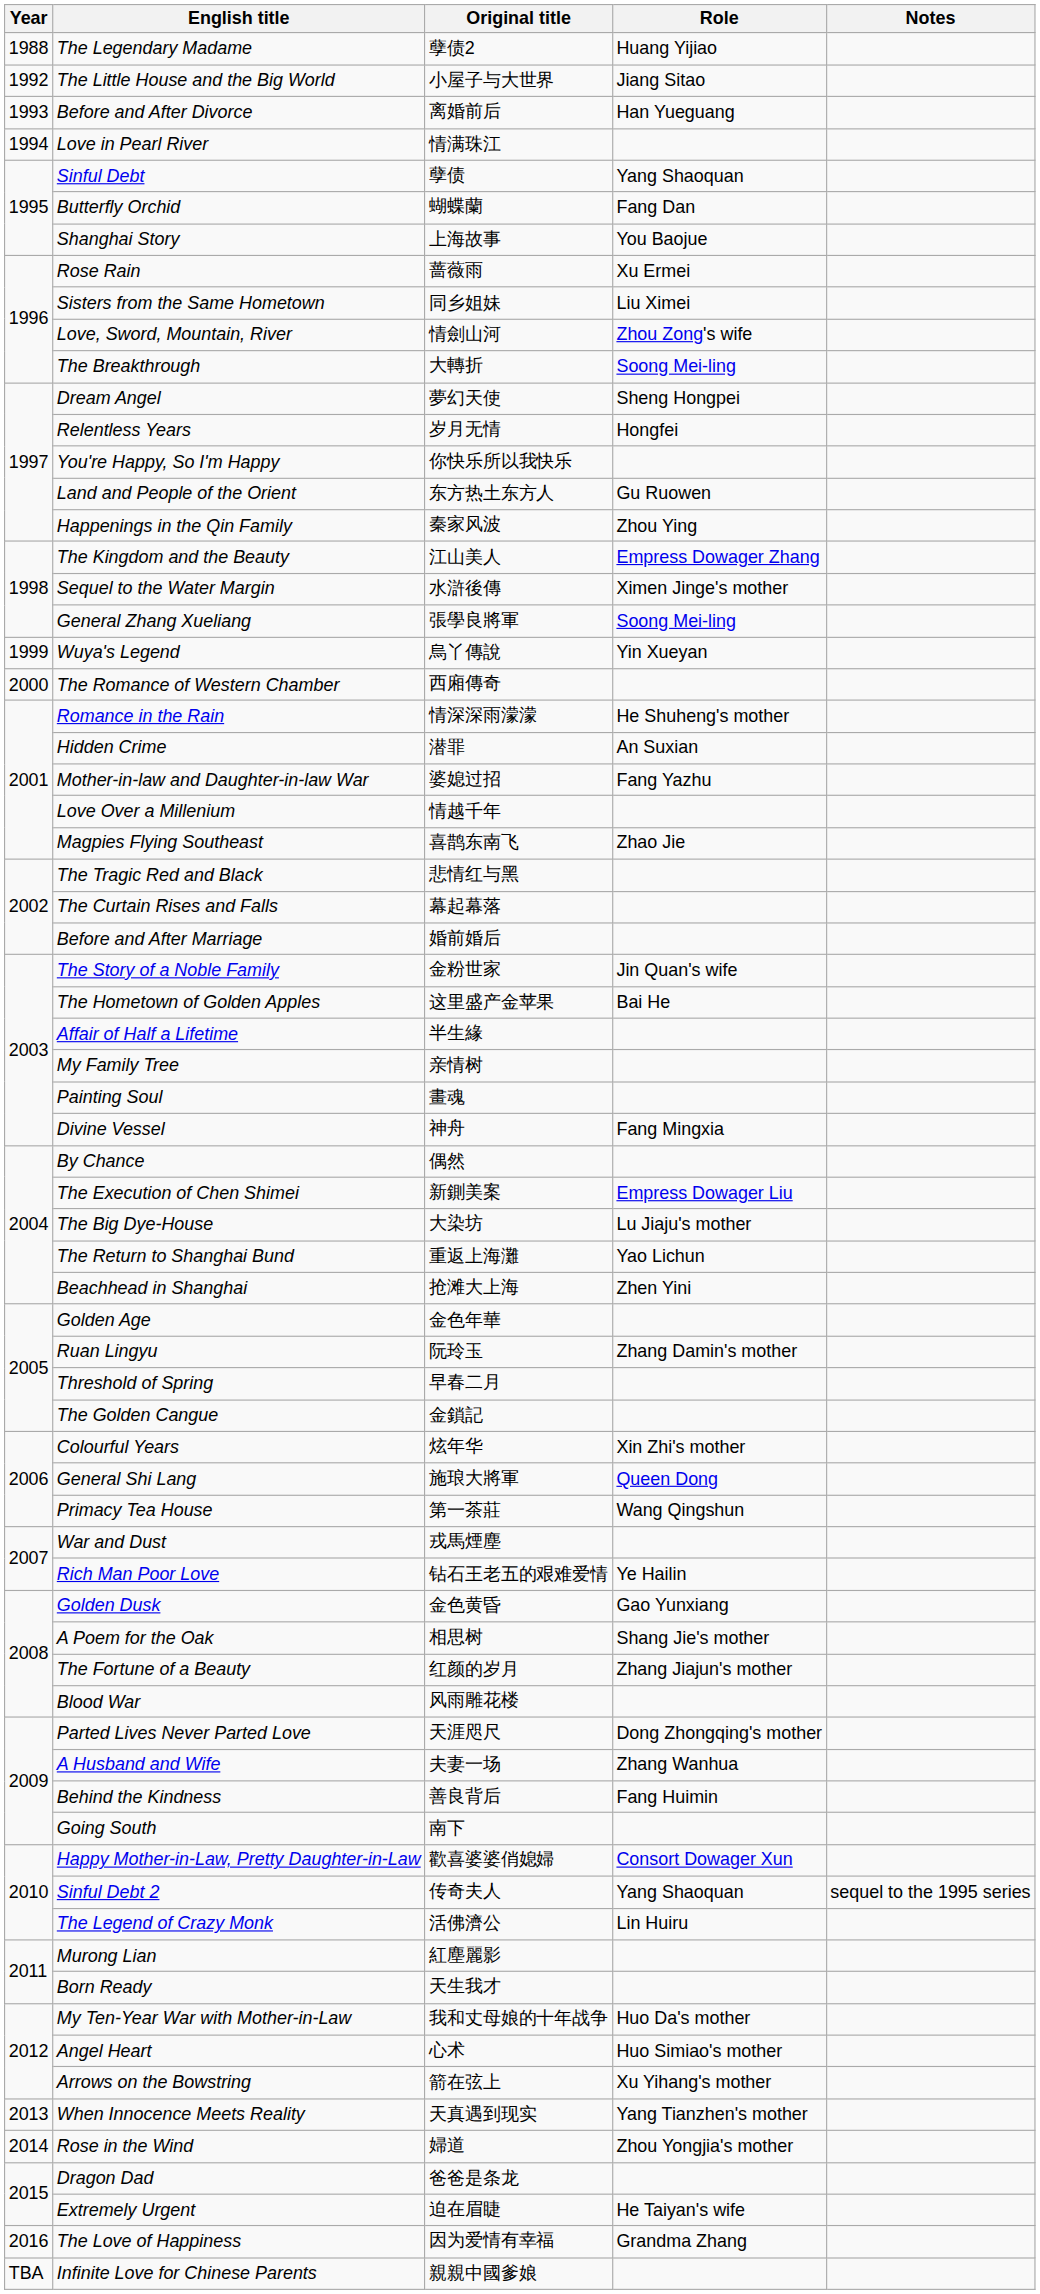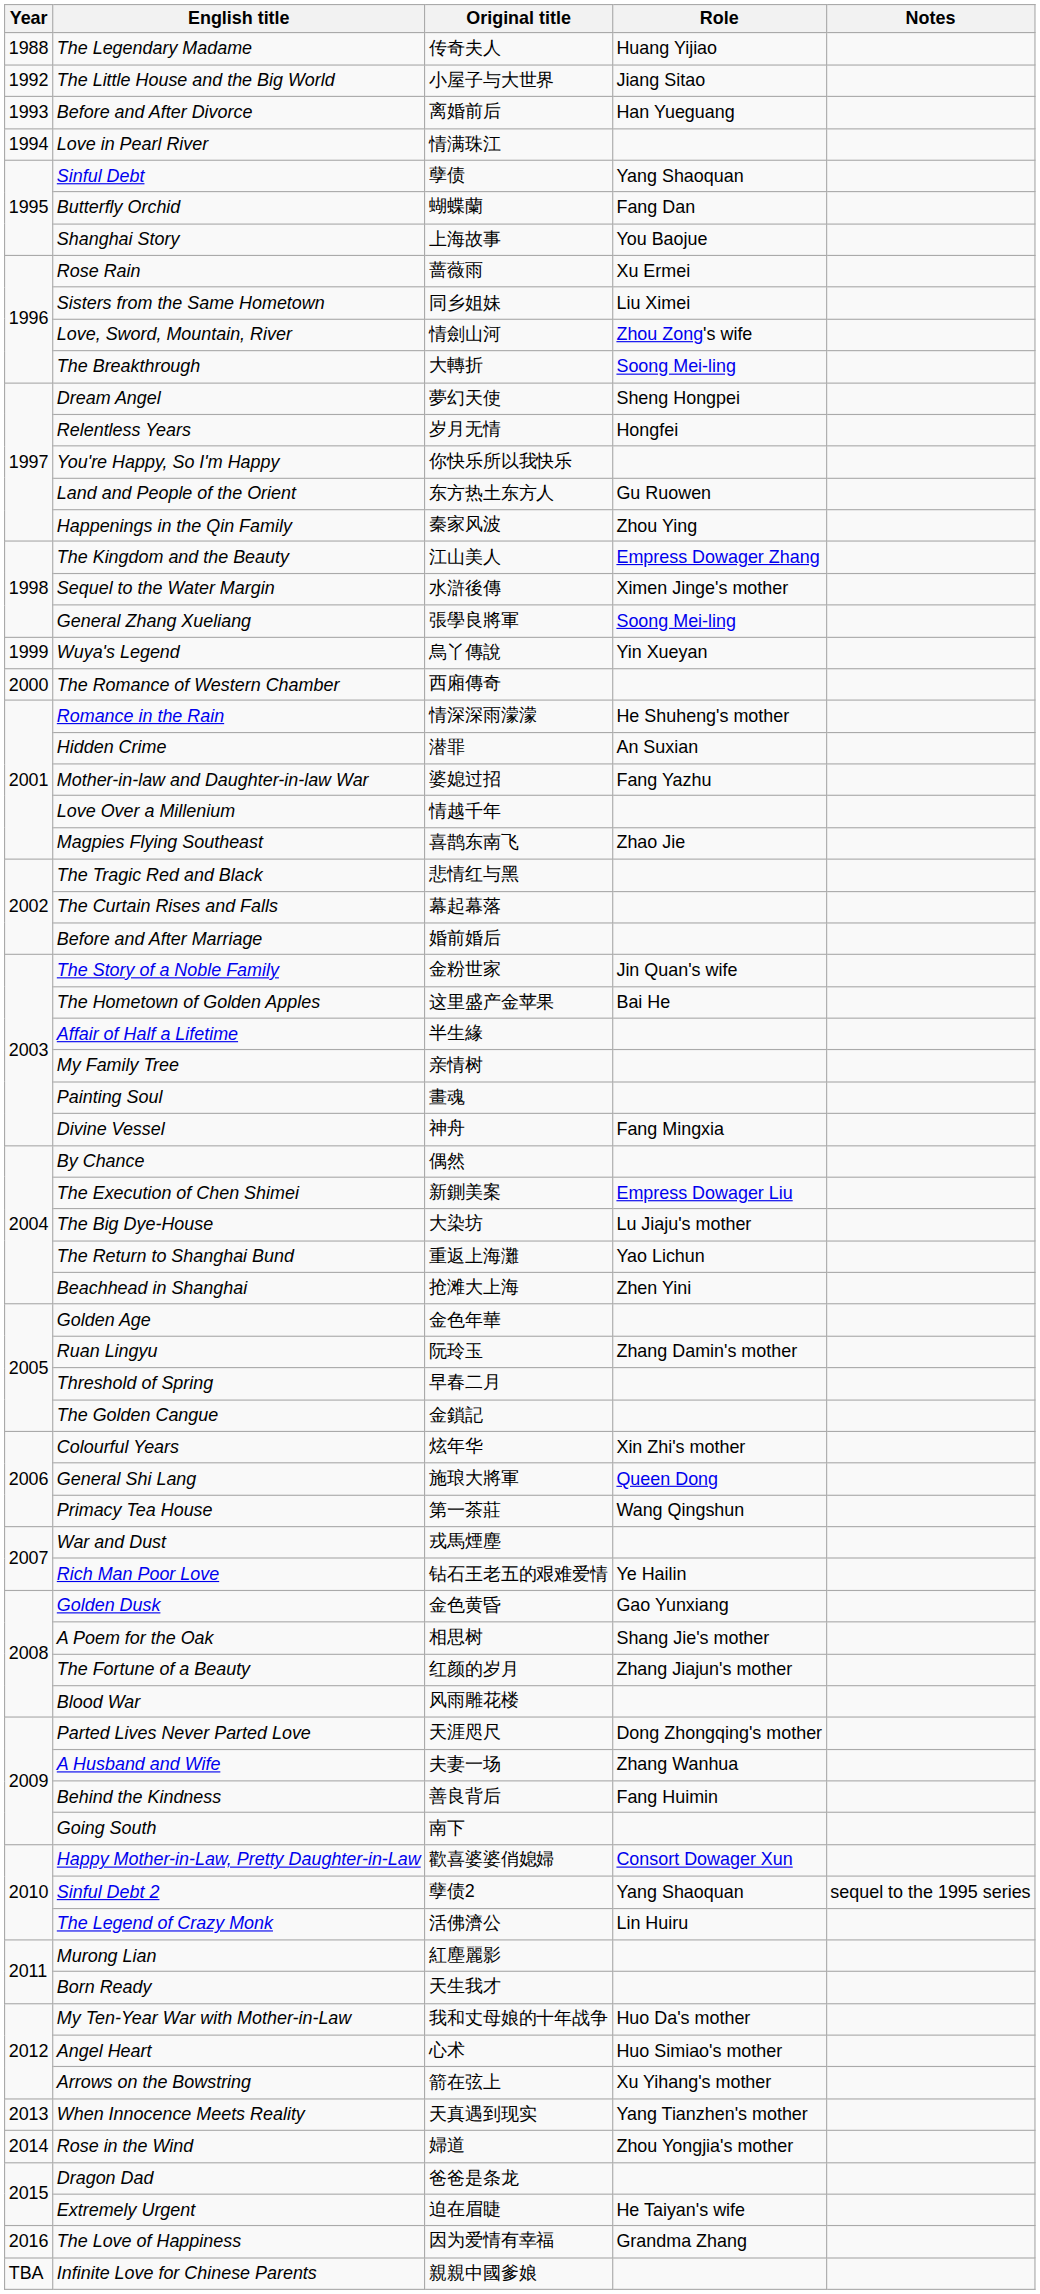 <table class="wikitable sortable">
 <tr>
 <th>Year</th>
 <th>English title</th>
 <th>Original title</th>
 <th>Role</th>
 <th class="unsortable">Notes</th>
 </tr>
 <tr>
 <td>1988</td>
 <td><em>The Legendary Madame</em></td>
-<td>孽债2</td>
+<td>传奇夫人</td>
 <td>Huang Yijiao</td>
 <td></td>
 </tr>
 <tr>
 <td>1992</td>
 <td><em>The Little House and the Big World</em></td>
 <td>小屋子与大世界</td>
 <td>Jiang Sitao</td>
 <td></td>
 </tr>
 <tr>
 <td>1993</td>
 <td><em>Before and After Divorce</em></td>
 <td>离婚前后</td>
 <td>Han Yueguang</td>
 <td></td>
 </tr>
 <tr>
 <td>1994</td>
 <td><em>Love in Pearl River</em></td>
 <td>情满珠江</td>
 <td></td>
 <td></td>
 </tr>
 <tr>
 <td rowspan=3>1995</td>
 <td><em><a href='#'>Sinful Debt</a></em></td>
 <td>孽债</td>
 <td>Yang Shaoquan</td>
 <td></td>
 </tr>
 <tr>
 <td><em>Butterfly Orchid</em></td>
 <td>蝴蝶蘭</td>
 <td>Fang Dan</td>
 <td></td>
 </tr>
 <tr>
 <td><em>Shanghai Story</em></td>
 <td>上海故事</td>
 <td>You Baojue</td>
 <td></td>
 </tr>
 <tr>
 <td rowspan=4>1996</td>
 <td><em>Rose Rain</em></td>
 <td>蔷薇雨</td>
 <td>Xu Ermei</td>
 <td></td>
 </tr>
 <tr>
 <td><em>Sisters from the Same Hometown</em></td>
 <td>同乡姐妹</td>
 <td>Liu Ximei</td>
 <td></td>
 </tr>
 <tr>
 <td><em>Love, Sword, Mountain, River</em></td>
 <td>情劍山河</td>
 <td><a href='#'>Zhou Zong</a>'s wife</td>
 <td></td>
 </tr>
 <tr>
 <td><em>The Breakthrough</em></td>
 <td>大轉折</td>
 <td><a href='#'>Soong Mei-ling</a></td>
 <td></td>
 </tr>
 <tr>
 <td rowspan=5>1997</td>
 <td><em>Dream Angel</em></td>
 <td>夢幻天使</td>
 <td>Sheng Hongpei</td>
 <td></td>
 </tr>
 <tr>
 <td><em>Relentless Years</em></td>
 <td>岁月无情</td>
 <td>Hongfei</td>
 <td></td>
 </tr>
 <tr>
 <td><em>You're Happy, So I'm Happy</em></td>
 <td>你快乐所以我快乐</td>
 <td></td>
 <td></td>
 </tr>
 <tr>
 <td><em>Land and People of the Orient</em></td>
 <td>东方热土东方人</td>
 <td>Gu Ruowen</td>
 <td></td>
 </tr>
 <tr>
 <td><em>Happenings in the Qin Family</em></td>
 <td>秦家风波</td>
 <td>Zhou Ying</td>
 <td></td>
 </tr>
 <tr>
 <td rowspan=3>1998</td>
 <td><em>The Kingdom and the Beauty</em></td>
 <td>江山美人</td>
 <td><a href='#'>Empress Dowager Zhang</a></td>
 <td></td>
 </tr>
 <tr>
 <td><em>Sequel to the Water Margin</em></td>
 <td>水滸後傳</td>
 <td>Ximen Jinge's mother</td>
 <td></td>
 </tr>
 <tr>
 <td><em>General Zhang Xueliang</em></td>
 <td>張學良將軍</td>
 <td><a href='#'>Soong Mei-ling</a></td>
 <td></td>
 </tr>
 <tr>
 <td>1999</td>
 <td><em>Wuya's Legend</em></td>
 <td>烏丫傳說</td>
 <td>Yin Xueyan</td>
 <td></td>
 </tr>
 <tr>
 <td>2000</td>
 <td><em>The Romance of Western Chamber</em></td>
 <td>西廂傳奇</td>
 <td></td>
 <td></td>
 </tr>
 <tr>
 <td rowspan=5>2001</td>
 <td><em><a href='#'>Romance in the Rain</a></em></td>
 <td>情深深雨濛濛</td>
 <td>He Shuheng's mother</td>
 <td></td>
 </tr>
 <tr>
 <td><em>Hidden Crime</em></td>
 <td>潜罪</td>
 <td>An Suxian</td>
 <td></td>
 </tr>
 <tr>
 <td><em>Mother-in-law and Daughter-in-law War</em></td>
 <td>婆媳过招</td>
 <td>Fang Yazhu</td>
 <td></td>
 </tr>
 <tr>
 <td><em>Love Over a Millenium</em></td>
 <td>情越千年</td>
 <td></td>
 <td></td>
 </tr>
 <tr>
 <td><em>Magpies Flying Southeast</em></td>
 <td>喜鹊东南飞</td>
 <td>Zhao Jie</td>
 <td></td>
 </tr>
 <tr>
 <td rowspan=3>2002</td>
 <td><em>The Tragic Red and Black</em></td>
 <td>悲情红与黑</td>
 <td></td>
 <td></td>
 </tr>
 <tr>
 <td><em>The Curtain Rises and Falls</em></td>
 <td>幕起幕落</td>
 <td></td>
 <td></td>
 </tr>
 <tr>
 <td><em>Before and After Marriage</em></td>
 <td>婚前婚后</td>
 <td></td>
 <td></td>
 </tr>
 <tr>
 <td rowspan=6>2003</td>
 <td><em><a href='#'>The Story of a Noble Family</a></em></td>
 <td>金粉世家</td>
 <td>Jin Quan's wife</td>
 <td></td>
 </tr>
 <tr>
 <td><em>The Hometown of Golden Apples</em></td>
 <td>这里盛产金苹果</td>
 <td>Bai He</td>
 <td></td>
 </tr>
 <tr>
 <td><em><a href='#'>Affair of Half a Lifetime</a></em></td>
 <td>半生緣</td>
 <td></td>
 <td></td>
 </tr>
 <tr>
 <td><em>My Family Tree</em></td>
 <td>亲情树</td>
 <td></td>
 <td></td>
 </tr>
 <tr>
 <td><em>Painting Soul</em></td>
 <td>畫魂</td>
 <td></td>
 <td></td>
 </tr>
 <tr>
 <td><em>Divine Vessel</em></td>
 <td>神舟</td>
 <td>Fang Mingxia</td>
 <td></td>
 </tr>
 <tr>
 <td rowspan=5>2004</td>
 <td><em>By Chance</em></td>
 <td>偶然</td>
 <td></td>
 <td></td>
 </tr>
 <tr>
 <td><em>The Execution of Chen Shimei</em></td>
 <td>新鍘美案</td>
 <td><a href='#'>Empress Dowager Liu</a></td>
 <td></td>
 </tr>
 <tr>
 <td><em>The Big Dye-House</em></td>
 <td>大染坊</td>
 <td>Lu Jiaju's mother</td>
 <td></td>
 </tr>
 <tr>
 <td><em>The Return to Shanghai Bund</em></td>
 <td>重返上海灘</td>
 <td>Yao Lichun</td>
 <td></td>
 </tr>
 <tr>
 <td><em>Beachhead in Shanghai</em></td>
 <td>抢滩大上海</td>
 <td>Zhen Yini</td>
 <td></td>
 </tr>
 <tr>
 <td rowspan=4>2005</td>
 <td><em>Golden Age</em></td>
 <td>金色年華</td>
 <td></td>
 <td></td>
 </tr>
 <tr>
 <td><em>Ruan Lingyu</em></td>
 <td>阮玲玉</td>
 <td>Zhang Damin's mother</td>
 <td></td>
 </tr>
 <tr>
 <td><em>Threshold of Spring</em></td>
 <td>早春二月</td>
 <td></td>
 <td></td>
 </tr>
 <tr>
 <td><em>The Golden Cangue</em></td>
 <td>金鎖記</td>
 <td></td>
 <td></td>
 </tr>
 <tr>
 <td rowspan=3>2006</td>
 <td><em>Colourful Years</em></td>
 <td>炫年华</td>
 <td>Xin Zhi's mother</td>
 <td></td>
 </tr>
 <tr>
 <td><em>General Shi Lang</em></td>
 <td>施琅大將軍</td>
 <td><a href='#'>Queen Dong</a></td>
 <td></td>
 </tr>
 <tr>
 <td><em>Primacy Tea House</em></td>
 <td>第一茶莊</td>
 <td>Wang Qingshun</td>
 <td></td>
 </tr>
 <tr>
 <td rowspan=2>2007</td>
 <td><em>War and Dust</em></td>
 <td>戎馬煙塵</td>
 <td></td>
 <td></td>
 </tr>
 <tr>
 <td><em><a href='#'>Rich Man Poor Love</a></em></td>
 <td>钻石王老五的艰难爱情</td>
 <td>Ye Hailin</td>
 <td></td>
 </tr>
 <tr>
 <td rowspan=4>2008</td>
 <td><em><a href='#'>Golden Dusk</a></em></td>
 <td>金色黄昏</td>
 <td>Gao Yunxiang</td>
 <td></td>
 </tr>
 <tr>
 <td><em>A Poem for the Oak</em></td>
 <td>相思树</td>
 <td>Shang Jie's mother</td>
 <td></td>
 </tr>
 <tr>
 <td><em>The Fortune of a Beauty</em></td>
 <td>红颜的岁月</td>
 <td>Zhang Jiajun's mother</td>
 <td></td>
 </tr>
 <tr>
 <td><em>Blood War</em></td>
 <td>风雨雕花楼</td>
 <td></td>
 <td></td>
 </tr>
 <tr>
 <td rowspan=4>2009</td>
 <td><em>Parted Lives Never Parted Love</em></td>
 <td>天涯咫尺</td>
 <td>Dong Zhongqing's mother</td>
 <td></td>
 </tr>
 <tr>
 <td><em><a href='#'>A Husband and Wife</a></em></td>
 <td>夫妻一场</td>
 <td>Zhang Wanhua</td>
 <td></td>
 </tr>
 <tr>
 <td><em>Behind the Kindness</em></td>
 <td>善良背后</td>
 <td>Fang Huimin</td>
 <td></td>
 </tr>
 <tr>
 <td><em>Going South</em></td>
 <td>南下</td>
 <td></td>
 <td></td>
 </tr>
 <tr>
 <td rowspan=3>2010</td>
 <td><em><a href='#'>Happy Mother-in-Law, Pretty Daughter-in-Law</a></em></td>
 <td>歡喜婆婆俏媳婦</td>
 <td><a href='#'>Consort Dowager Xun</a></td>
 <td></td>
 </tr>
 <tr>
 <td><em><a href='#'>Sinful Debt 2</a></em></td>
-<td>传奇夫人</td>
+<td>孽债2</td>
 <td>Yang Shaoquan</td>
 <td>sequel to the 1995 series</td>
 </tr>
 <tr>
 <td><em><a href='#'>The Legend of Crazy Monk</a></em></td>
 <td>活佛濟公</td>
 <td>Lin Huiru</td>
 <td></td>
 </tr>
 <tr>
 <td rowspan=2>2011</td>
 <td><em>Murong Lian</em></td>
 <td>紅塵麗影</td>
 <td></td>
 <td></td>
 </tr>
 <tr>
 <td><em>Born Ready</em></td>
 <td>天生我才</td>
 <td></td>
 <td></td>
 </tr>
 <tr>
 <td rowspan=3>2012</td>
 <td><em>My Ten-Year War with Mother-in-Law</em></td>
 <td>我和丈母娘的十年战争</td>
 <td>Huo Da's mother</td>
 <td></td>
 </tr>
 <tr>
 <td><em>Angel Heart</em></td>
 <td>心术</td>
 <td>Huo Simiao's mother</td>
 <td></td>
 </tr>
 <tr>
 <td><em>Arrows on the Bowstring</em></td>
 <td>箭在弦上</td>
 <td>Xu Yihang's mother</td>
 <td></td>
 </tr>
 <tr>
 <td>2013</td>
 <td><em>When Innocence Meets Reality</em></td>
 <td>天真遇到现实</td>
 <td>Yang Tianzhen's mother</td>
 <td></td>
 </tr>
 <tr>
 <td>2014</td>
 <td><em>Rose in the Wind</em></td>
 <td>婦道</td>
 <td>Zhou Yongjia's mother</td>
 <td></td>
 </tr>
 <tr>
 <td rowspan=2>2015</td>
 <td><em>Dragon Dad</em></td>
 <td>爸爸是条龙</td>
 <td></td>
 <td></td>
 </tr>
 <tr>
 <td><em>Extremely Urgent</em></td>
 <td>迫在眉睫</td>
 <td>He Taiyan's wife</td>
 <td></td>
 </tr>
 <tr>
 <td>2016</td>
 <td><em>The Love of Happiness</em></td>
 <td>因为爱情有幸福</td>
 <td>Grandma Zhang</td>
 <td></td>
 </tr>
 <tr>
 <td>TBA</td>
 <td><em>Infinite Love for Chinese Parents</em></td>
 <td>親親中國爹娘</td>
 <td></td>
 <td></td>
 </tr>
 </table>
